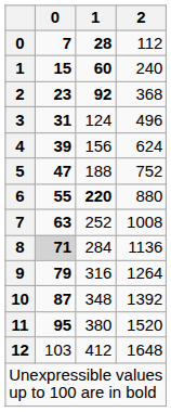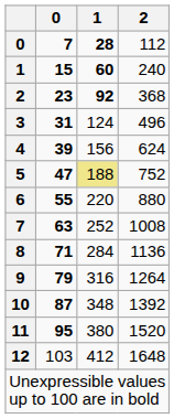 <table class="wikitable" style="float:right;text-align:right;clear:right;font-size:85%;">
 <tr>
 <th></th>
 <th>0</th>
 <th>1</th>
 <th>2</th>
 </tr>
 <tr>
 <th>0</th>
 <td><strong>7</strong></td>
 <td><strong>28</strong></td>
 <td>112</td>
 </tr>
 <tr>
 <th>1</th>
 <td><strong>15</strong></td>
 <td><strong>60</strong></td>
 <td>240</td>
 </tr>
 <tr>
 <th>2</th>
 <td><strong>23</strong></td>
 <td><strong>92</strong></td>
 <td>368</td>
 </tr>
 <tr>
 <th>3</th>
 <td><strong>31</strong></td>
 <td>124</td>
 <td>496</td>
 </tr>
 <tr>
 <th>4</th>
 <td><strong>39</strong></td>
 <td>156</td>
 <td>624</td>
 </tr>
 <tr>
 <th>5</th>
 <td><strong>47</strong></td>
-<td>188</td>
+<td style="background: khaki;">188</td>
 <td>752</td>
 </tr>
 <tr>
 <th>6</th>
 <td><strong>55</strong></td>
-<td><strong>220</strong></td>
+<td>220</td>
 <td>880</td>
 </tr>
 <tr>
 <th>7</th>
 <td><strong>63</strong></td>
 <td>252</td>
 <td>1008</td>
 </tr>
 <tr>
 <th>8</th>
-<td style="background: lightgrey;"><strong>71</strong></td>
+<td><strong>71</strong></td>
 <td>284</td>
 <td>1136</td>
 </tr>
 <tr>
 <th>9</th>
 <td><strong>79</strong></td>
 <td>316</td>
 <td>1264</td>
 </tr>
 <tr>
 <th>10</th>
 <td><strong>87</strong></td>
 <td>348</td>
 <td>1392</td>
 </tr>
 <tr>
 <th>11</th>
 <td><strong>95</strong></td>
 <td>380</td>
 <td>1520</td>
 </tr>
 <tr>
 <th>12</th>
 <td>103</td>
 <td>412</td>
 <td>1648</td>
 </tr>
 <tr>
 <td colspan="4" style="text-align:left;">Unexpressible values<br>up to 100 are in bold</td>
 </tr>
 </table>
